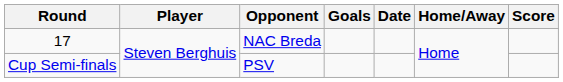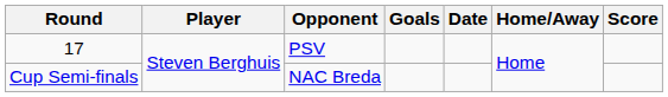 <table class="wikitable" style="text-align: center;">
 <tr>
 <th>Round</th>
 <th>Player</th>
 <th>Opponent</th>
 <th>Goals</th>
 <th>Date</th>
 <th>Home/Away</th>
 <th>Score</th>
 </tr>
 <tr>
 <td>17</td>
 <td style="text-align:left;" rowspan="2"> <a href='#'>Steven Berghuis</a></td>
-<td style="text-align:left;"><a href='#'>NAC Breda</a></td>
+<td style="text-align:left;"><a href='#'>PSV</a></td>
 <td>  </td>
 <td></td>
 <td style="text-align:left;" rowspan="2"><a href='#'>Home</a></td>
 <td></td>
 </tr>
 <tr>
 <td><a href='#'>Cup Semi-finals</a></td>
-<td style="text-align:left;"><a href='#'>PSV</a></td>
+<td style="text-align:left;"><a href='#'>NAC Breda</a></td>
 <td>  </td>
 <td></td>
 <td></td>
 </tr>
 </table>
